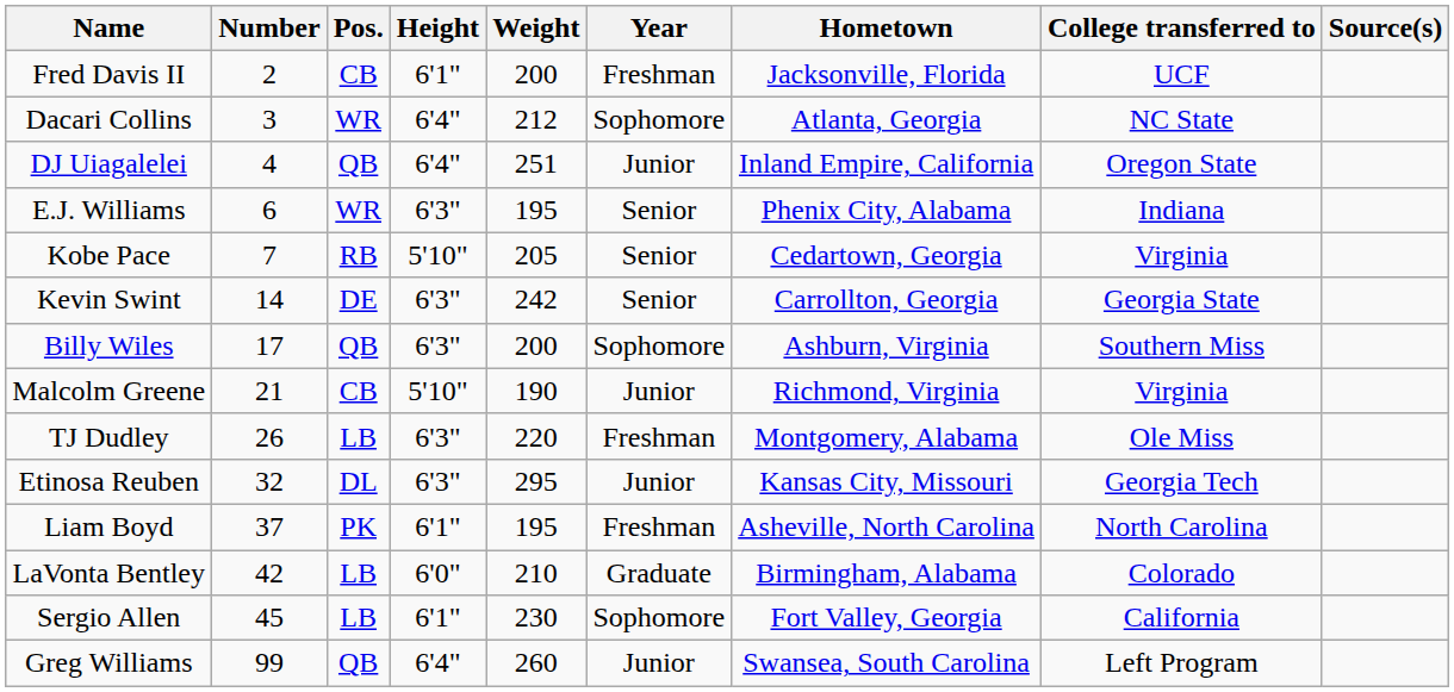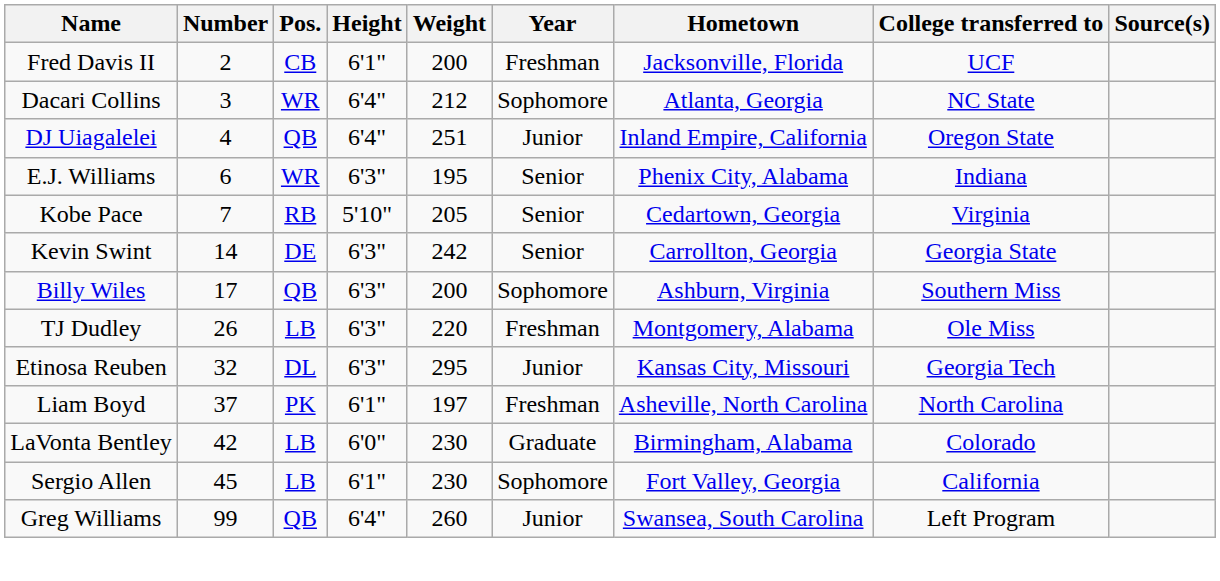 <table class="wikitable sortable" border="1" style="text-align: center;">
 <tr align=center>
 <th>Name</th>
 <th>Number</th>
 <th>Pos.</th>
 <th>Height</th>
 <th>Weight</th>
 <th>Year</th>
 <th>Hometown</th>
 <th>College transferred to</th>
 <th>Source(s)</th>
 </tr>
 <tr>
 <td>Fred Davis II</td>
 <td>2</td>
 <td><a href='#'>CB</a></td>
 <td>6'1"</td>
 <td>200</td>
 <td> Freshman</td>
 <td><a href='#'>Jacksonville, Florida</a></td>
 <td><a href='#'>UCF</a></td>
 <td></td>
 </tr>
 <tr>
 <td>Dacari Collins</td>
 <td>3</td>
 <td><a href='#'>WR</a></td>
 <td>6'4"</td>
 <td>212</td>
 <td> Sophomore</td>
 <td><a href='#'>Atlanta, Georgia</a></td>
 <td><a href='#'>NC State</a></td>
 <td></td>
 </tr>
 <tr>
 <td><a href='#'>DJ Uiagalelei</a></td>
 <td>4</td>
 <td><a href='#'>QB</a></td>
 <td>6'4"</td>
 <td>251</td>
 <td>Junior</td>
 <td><a href='#'>Inland Empire, California</a></td>
 <td><a href='#'>Oregon State</a></td>
 <td></td>
 </tr>
 <tr>
 <td>E.J. Williams</td>
 <td>6</td>
 <td><a href='#'>WR</a></td>
 <td>6'3"</td>
 <td>195</td>
 <td>Senior</td>
 <td><a href='#'>Phenix City, Alabama</a></td>
 <td><a href='#'>Indiana</a></td>
 <td></td>
 </tr>
 <tr>
 <td>Kobe Pace</td>
 <td>7</td>
 <td><a href='#'>RB</a></td>
 <td>5'10"</td>
 <td>205</td>
 <td>Senior</td>
 <td><a href='#'>Cedartown, Georgia</a></td>
 <td><a href='#'>Virginia</a></td>
 <td></td>
 </tr>
 <tr>
 <td>Kevin Swint</td>
 <td>14</td>
 <td><a href='#'>DE</a></td>
 <td>6'3"</td>
 <td>242</td>
 <td>Senior</td>
 <td><a href='#'>Carrollton, Georgia</a></td>
 <td><a href='#'>Georgia State</a></td>
 <td></td>
 </tr>
 <tr>
 <td><a href='#'>Billy Wiles</a></td>
 <td>17</td>
 <td><a href='#'>QB</a></td>
 <td>6'3"</td>
 <td>200</td>
 <td> Sophomore</td>
 <td><a href='#'>Ashburn, Virginia</a></td>
 <td><a href='#'>Southern Miss</a></td>
 <td></td>
 </tr>
 <tr>
-<td>Malcolm Greene</td>
-<td>21</td>
-<td><a href='#'>CB</a></td>
-<td>5'10"</td>
-<td>190</td>
-<td>Junior</td>
-<td><a href='#'>Richmond, Virginia</a></td>
-<td><a href='#'>Virginia</a></td>
-<td></td>
-</tr>
-<tr>
 <td>TJ Dudley</td>
 <td>26</td>
 <td><a href='#'>LB</a></td>
 <td>6'3"</td>
 <td>220</td>
 <td> Freshman</td>
 <td><a href='#'>Montgomery, Alabama</a></td>
 <td><a href='#'>Ole Miss</a></td>
 <td></td>
 </tr>
 <tr>
 <td>Etinosa Reuben</td>
 <td>32</td>
 <td><a href='#'>DL</a></td>
 <td>6'3"</td>
 <td>295</td>
 <td>Junior</td>
 <td><a href='#'>Kansas City, Missouri</a></td>
 <td><a href='#'>Georgia Tech</a></td>
 <td></td>
 </tr>
 <tr>
 <td>Liam Boyd</td>
 <td>37</td>
 <td><a href='#'>PK</a></td>
 <td>6'1"</td>
-<td>195</td>
+<td>197</td>
 <td> Freshman</td>
 <td><a href='#'>Asheville, North Carolina</a></td>
 <td><a href='#'>North Carolina</a></td>
 <td></td>
 </tr>
 <tr>
 <td>LaVonta Bentley</td>
 <td>42</td>
 <td><a href='#'>LB</a></td>
 <td>6'0"</td>
-<td>210</td>
+<td>230</td>
 <td>Graduate</td>
 <td><a href='#'>Birmingham, Alabama</a></td>
 <td><a href='#'>Colorado</a></td>
 <td></td>
 </tr>
 <tr>
 <td>Sergio Allen</td>
 <td>45</td>
 <td><a href='#'>LB</a></td>
 <td>6'1"</td>
 <td>230</td>
 <td> Sophomore</td>
 <td><a href='#'>Fort Valley, Georgia</a></td>
 <td><a href='#'>California</a></td>
 <td></td>
 </tr>
 <tr>
 <td>Greg Williams</td>
 <td>99</td>
 <td><a href='#'>QB</a></td>
 <td>6'4"</td>
 <td>260</td>
 <td> Junior</td>
 <td><a href='#'>Swansea, South Carolina</a></td>
 <td>Left Program</td>
 <td></td>
 </tr>
 </table>
